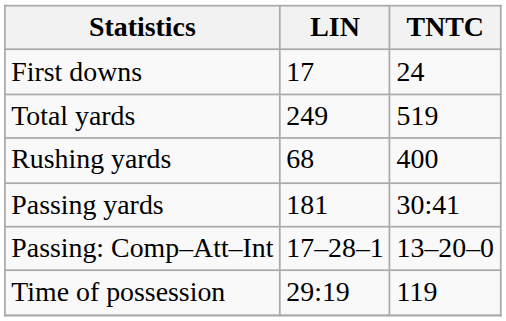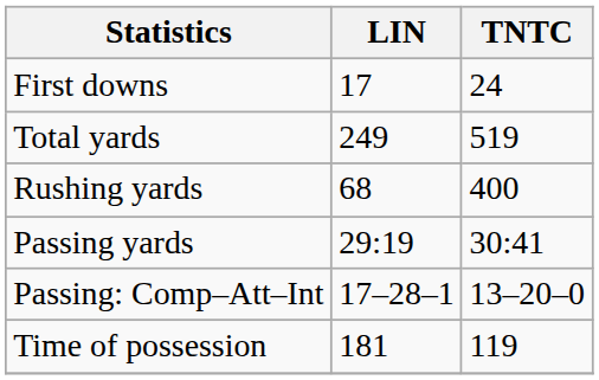 <table class="wikitable" style="float: left;">
 <tr>
 <th>Statistics</th>
 <th>LIN</th>
 <th>TNTC</th>
 </tr>
 <tr>
 <td>First downs</td>
 <td>17</td>
 <td>24</td>
 </tr>
 <tr>
 <td>Total yards</td>
 <td>249</td>
 <td>519</td>
 </tr>
 <tr>
 <td>Rushing yards</td>
 <td>68</td>
 <td>400</td>
 </tr>
 <tr>
 <td>Passing yards</td>
-<td>181</td>
+<td>29:19</td>
 <td>30:41</td>
 </tr>
 <tr>
 <td>Passing: Comp–Att–Int</td>
 <td>17–28–1</td>
 <td>13–20–0</td>
 </tr>
 <tr>
 <td>Time of possession</td>
-<td>29:19</td>
+<td>181</td>
 <td>119</td>
 </tr>
 <tr>
 </tr>
 </table>
